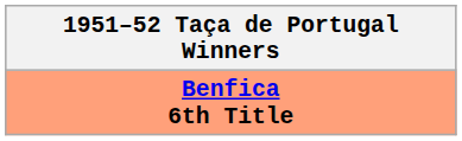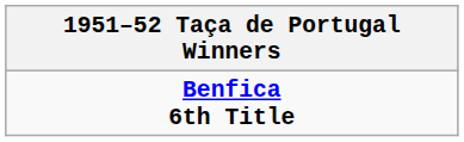 <table class="wikitable" style="text-align: center; margin: 0 auto; width: 20%">
 <tr>
 <th>1951–52 Taça de Portugal Winners</th>
 </tr>
 <tr>
-<td style="background: lightsalmon;"><strong><a href='#'>Benfica</a></strong><br><strong>6th Title</strong></td>
+<td><strong><a href='#'>Benfica</a></strong><br><strong>6th Title</strong></td>
 </tr>
 </table>
